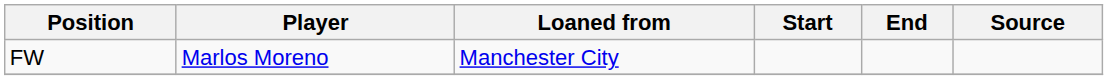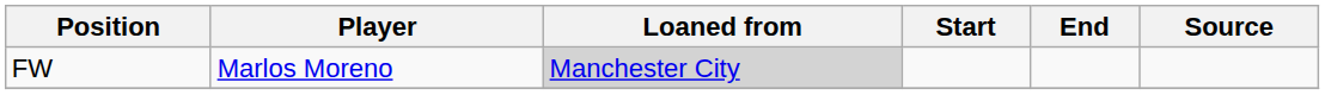 <table width=60% class="wikitable sortable" style="text-align:center; font-size:95%; text-align:left">
 <tr>
 <th>Position</th>
 <th>Player</th>
 <th>Loaned from</th>
 <th>Start</th>
 <th>End</th>
 <th>Source</th>
 </tr>
 <tr>
 <td>FW</td>
 <td> <a href='#'>Marlos Moreno</a></td>
-<td> <a href='#'>Manchester City</a></td>
+<td style="background: lightgrey;"> <a href='#'>Manchester City</a></td>
 <td></td>
 <td></td>
 <td></td>
 </tr>
 <tr>
 </tr>
 </table>
